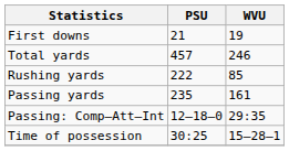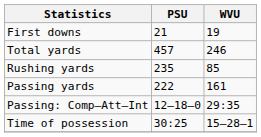 <table class="wikitable" style="float: left;">
 <tr>
 <th>Statistics</th>
 <th>PSU</th>
 <th>WVU</th>
 </tr>
 <tr>
 <td>First downs</td>
 <td>21</td>
 <td>19</td>
 </tr>
 <tr>
 <td>Total yards</td>
 <td>457</td>
 <td>246</td>
 </tr>
 <tr>
 <td>Rushing yards</td>
-<td>222</td>
+<td>235</td>
 <td>85</td>
 </tr>
 <tr>
 <td>Passing yards</td>
-<td>235</td>
+<td>222</td>
 <td>161</td>
 </tr>
 <tr>
 <td>Passing: Comp–Att–Int</td>
 <td>12–18–0</td>
 <td>29:35</td>
 </tr>
 <tr>
 <td>Time of possession</td>
 <td>30:25</td>
 <td>15–28–1</td>
 </tr>
 <tr>
 </tr>
 </table>
